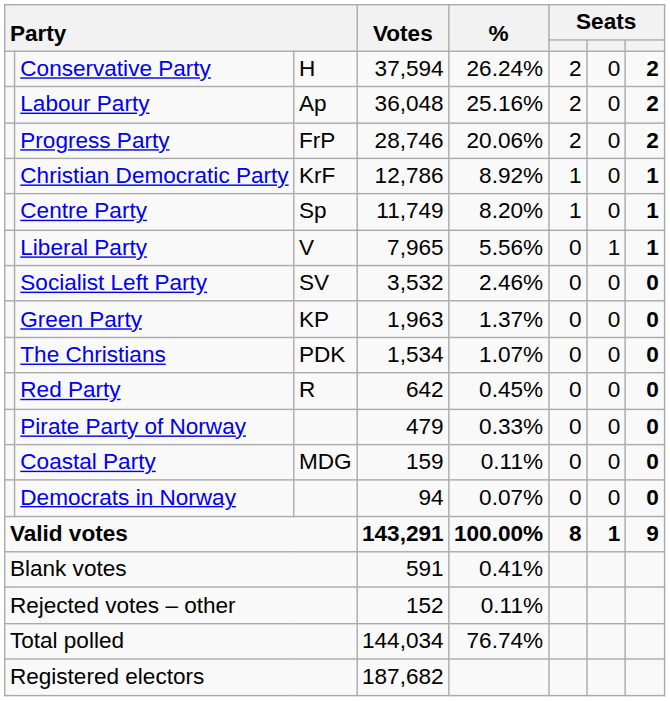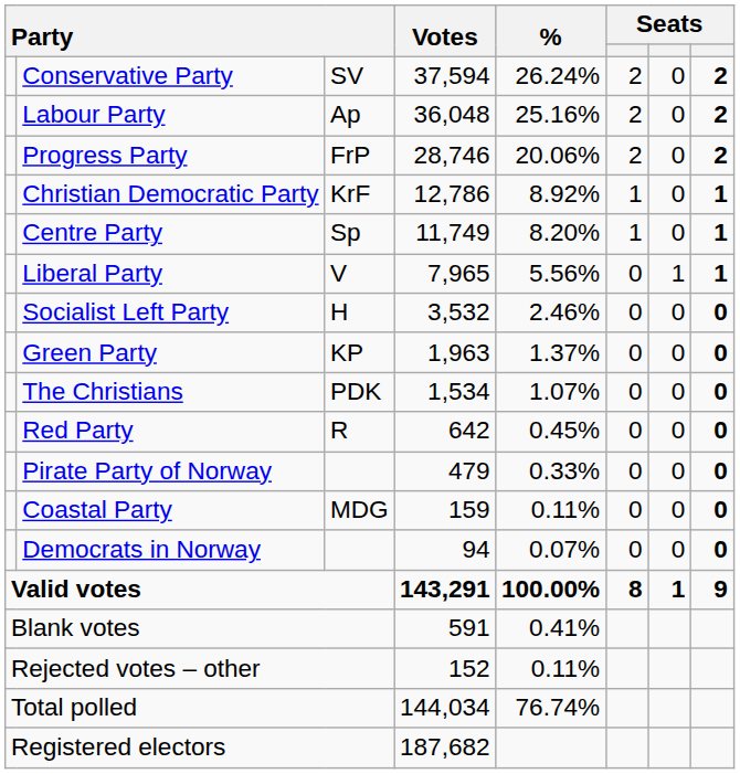 <table class="wikitable" border="1" style="text-align:right;">
 <tr>
 <th style="text-align:left;" valign=bottom rowspan=2 colspan=3>Party</th>
 <th align=center valign=bottom rowspan=2 width="50">Votes</th>
 <th align=center valign=bottom rowspan=2 width="50">%</th>
 <th colspan=3>Seats</th>
 </tr>
 <tr>
 <th align=center valign=bottom width="20"><small></small></th>
 <th align=center valign=bottom width="20"><small><a href='#'></a></small></th>
 <th align=center valign=bottom width="20"><small></small></th>
 </tr>
 <tr>
 <td style="color:inherit;background:"></td>
 <td align=left><a href='#'>Conservative Party</a></td>
-<td align=left>H</td>
+<td align=left>SV</td>
 <td>37,594</td>
 <td>26.24%</td>
 <td>2</td>
 <td>0</td>
 <td><strong>2</strong></td>
 </tr>
 <tr>
 <td style="color:inherit;background:"></td>
 <td align=left><a href='#'>Labour Party</a></td>
 <td align=left>Ap</td>
 <td>36,048</td>
 <td>25.16%</td>
 <td>2</td>
 <td>0</td>
 <td><strong>2</strong></td>
 </tr>
 <tr>
 <td style="color:inherit;background:"></td>
 <td align=left><a href='#'>Progress Party</a></td>
 <td align=left>FrP</td>
 <td>28,746</td>
 <td>20.06%</td>
 <td>2</td>
 <td>0</td>
 <td><strong>2</strong></td>
 </tr>
 <tr>
 <td style="color:inherit;background:"></td>
 <td align=left><a href='#'>Christian Democratic Party</a></td>
 <td align=left>KrF</td>
 <td>12,786</td>
 <td>8.92%</td>
 <td>1</td>
 <td>0</td>
 <td><strong>1</strong></td>
 </tr>
 <tr>
 <td style="color:inherit;background:"></td>
 <td align=left><a href='#'>Centre Party</a></td>
 <td align=left>Sp</td>
 <td>11,749</td>
 <td>8.20%</td>
 <td>1</td>
 <td>0</td>
 <td><strong>1</strong></td>
 </tr>
 <tr>
 <td style="color:inherit;background:"></td>
 <td align=left><a href='#'>Liberal Party</a></td>
 <td align=left>V</td>
 <td>7,965</td>
 <td>5.56%</td>
 <td>0</td>
 <td>1</td>
 <td><strong>1</strong></td>
 </tr>
 <tr>
 <td style="color:inherit;background:"></td>
 <td align=left><a href='#'>Socialist Left Party</a></td>
-<td align=left>SV</td>
+<td align=left>H</td>
 <td>3,532</td>
 <td>2.46%</td>
 <td>0</td>
 <td>0</td>
 <td><strong>0</strong></td>
 </tr>
 <tr>
 <td style="color:inherit;background:"></td>
 <td align=left><a href='#'>Green Party</a></td>
 <td align=left>KP</td>
 <td>1,963</td>
 <td>1.37%</td>
 <td>0</td>
 <td>0</td>
 <td><strong>0</strong></td>
 </tr>
 <tr>
 <td style="color:inherit;background:"></td>
 <td align=left><a href='#'>The Christians</a></td>
 <td align=left>PDK</td>
 <td>1,534</td>
 <td>1.07%</td>
 <td>0</td>
 <td>0</td>
 <td><strong>0</strong></td>
 </tr>
 <tr>
 <td style="color:inherit;background:"></td>
 <td align=left><a href='#'>Red Party</a></td>
 <td align=left>R</td>
 <td>642</td>
 <td>0.45%</td>
 <td>0</td>
 <td>0</td>
 <td><strong>0</strong></td>
 </tr>
 <tr>
 <td style="color:inherit;background:"></td>
 <td align=left><a href='#'>Pirate Party of Norway</a></td>
 <td align=left></td>
 <td>479</td>
 <td>0.33%</td>
 <td>0</td>
 <td>0</td>
 <td><strong>0</strong></td>
 </tr>
 <tr>
 <td style="color:inherit;background:"></td>
 <td align=left><a href='#'>Coastal Party</a></td>
 <td align=left>MDG</td>
 <td>159</td>
 <td>0.11%</td>
 <td>0</td>
 <td>0</td>
 <td><strong>0</strong></td>
 </tr>
 <tr>
 <td style="color:inherit;background:"></td>
 <td align=left><a href='#'>Democrats in Norway</a></td>
 <td align=left></td>
 <td>94</td>
 <td>0.07%</td>
 <td>0</td>
 <td>0</td>
 <td><strong>0</strong></td>
 </tr>
 <tr style="font-weight:bold">
 <td align=left colspan=3>Valid votes</td>
 <td>143,291</td>
 <td>100.00%</td>
 <td>8</td>
 <td>1</td>
 <td>9</td>
 </tr>
 <tr>
 <td align=left colspan=3>Blank votes</td>
 <td>591</td>
 <td>0.41%</td>
 <td></td>
 <td></td>
 <td></td>
 </tr>
 <tr>
 <td align=left colspan=3>Rejected votes – other</td>
 <td>152</td>
 <td>0.11%</td>
 <td></td>
 <td></td>
 <td></td>
 </tr>
 <tr>
 <td align=left colspan=3>Total polled</td>
 <td>144,034</td>
 <td>76.74%</td>
 <td></td>
 <td></td>
 <td></td>
 </tr>
 <tr>
 <td align=left colspan=3>Registered electors</td>
 <td>187,682</td>
 <td></td>
 <td></td>
 <td></td>
 <td></td>
 </tr>
 </table>
